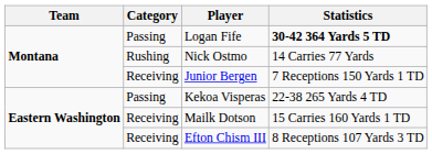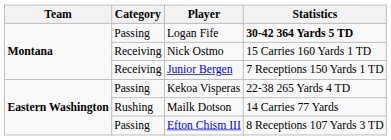 <table class="wikitable" style="float: right;">
 <tr>
 <th>Team</th>
 <th>Category</th>
 <th>Player</th>
 <th>Statistics</th>
 </tr>
 <tr>
 <td rowspan=3><strong>Montana</strong></td>
 <td>Passing</td>
 <td>Logan Fife</td>
 <td><strong>30-42 364 Yards 5 TD</strong></td>
 </tr>
 <tr>
-<td>Rushing</td>
+<td>Receiving</td>
 <td>Nick Ostmo</td>
-<td>14 Carries 77 Yards</td>
+<td>15 Carries 160 Yards 1 TD</td>
 </tr>
 <tr>
 <td>Receiving</td>
 <td><a href='#'>Junior Bergen</a></td>
 <td>7 Receptions 150 Yards 1 TD</td>
 </tr>
 <tr>
 <td rowspan=3><strong>Eastern Washington</strong></td>
 <td>Passing</td>
 <td>Kekoa Visperas</td>
 <td>22-38 265 Yards 4 TD</td>
 </tr>
 <tr>
-<td>Receiving</td>
+<td>Rushing</td>
 <td>Mailk Dotson</td>
-<td>15 Carries 160 Yards 1 TD</td>
+<td>14 Carries 77 Yards</td>
 </tr>
 <tr>
-<td>Receiving</td>
+<td>Passing</td>
 <td><a href='#'>Efton Chism III</a></td>
 <td>8 Receptions 107 Yards 3 TD</td>
 </tr>
 </table>
